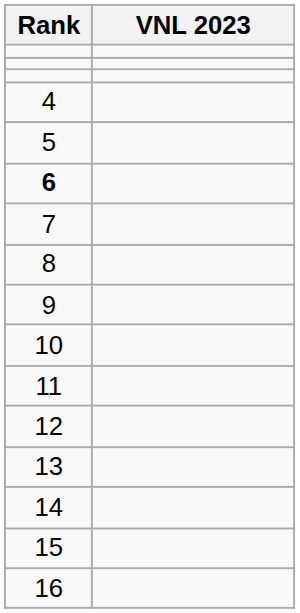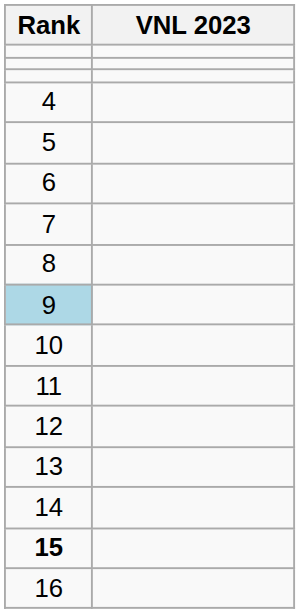 <table class="wikitable sortable" style="font-size:85%; text-align:center;">
 <tr>
 <th width=40>Rank</th>
 <th width=100>VNL 2023</th>
 </tr>
 <tr>
 <td></td>
 <td style="text-align:left"></td>
 </tr>
 <tr>
 <td></td>
 <td style="text-align:left"></td>
 </tr>
 <tr>
 <td></td>
 <td style="text-align:left"></td>
 </tr>
 <tr>
 <td>4</td>
 <td style="text-align:left"></td>
 </tr>
 <tr>
 <td>5</td>
 <td style="text-align:left"></td>
 </tr>
 <tr>
-<td><strong>6</strong></td>
+<td>6</td>
 <td style="text-align:left"></td>
 </tr>
 <tr>
 <td>7</td>
 <td style="text-align:left"></td>
 </tr>
 <tr>
 <td>8</td>
 <td style="text-align:left"></td>
 </tr>
 <tr>
-<td>9</td>
+<td style="background: lightblue;">9</td>
 <td style="text-align:left"></td>
 </tr>
 <tr>
 <td>10</td>
 <td style="text-align:left"></td>
 </tr>
 <tr>
 <td>11</td>
 <td style="text-align:left"></td>
 </tr>
 <tr>
 <td>12</td>
 <td style="text-align:left"></td>
 </tr>
 <tr>
 <td>13</td>
 <td style="text-align:left"></td>
 </tr>
 <tr>
 <td>14</td>
 <td style="text-align:left"></td>
 </tr>
 <tr>
-<td>15</td>
+<td><strong>15</strong></td>
 <td style="text-align:left"></td>
 </tr>
 <tr>
 <td>16</td>
 <td style="text-align:left"></td>
 </tr>
 </table>
